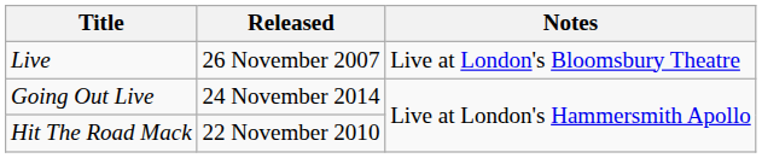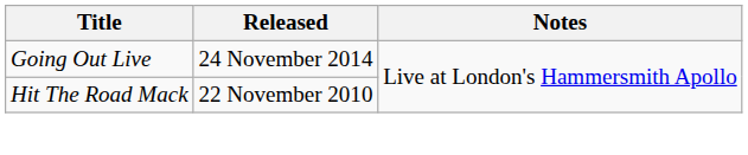 <table class="wikitable">
 <tr>
 <th>Title</th>
 <th>Released</th>
 <th>Notes</th>
-</tr>
-<tr>
-<td><em>Live</em></td>
-<td>26 November 2007</td>
-<td>Live at <a href='#'>London</a>'s <a href='#'>Bloomsbury Theatre</a></td>
 </tr>
 <tr>
 <td><em>Going Out Live</em></td>
 <td>24 November 2014</td>
 <td rowspan="2">Live at London's <a href='#'>Hammersmith Apollo</a></td>
 </tr>
 <tr>
 <td><em>Hit The Road Mack</em></td>
 <td>22 November 2010</td>
 </tr>
 </table>
